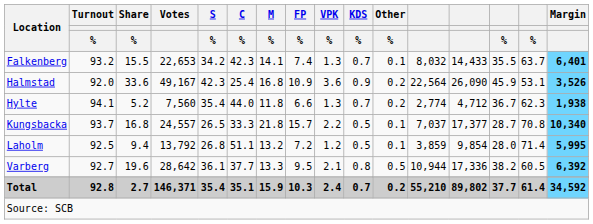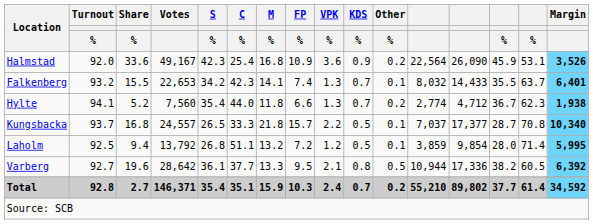 <table class="wikitable sortable" style="text-align:right; font-size:95%; line-height:20px;">
 <tr>
 <th rowspan="3">Location</th>
 <th>Turnout</th>
 <th>Share</th>
 <th>Votes</th>
 <th width="30px" class="unsortable"><a href='#'>S</a></th>
 <th width="30px" class="unsortable"><a href='#'>C</a></th>
 <th width="30px" class="unsortable"><a href='#'>M</a></th>
 <th width="30px" class="unsortable"><a href='#'>FP</a></th>
 <th width="30px" class="unsortable"><a href='#'>VPK</a></th>
 <th width="30px" class="unsortable"><a href='#'>KDS</a></th>
 <th width="30px" class="unsortable">Other</th>
 <th></th>
 <th></th>
 <th></th>
 <th></th>
 <th>Margin</th>
 </tr>
 <tr>
 <th></th>
 <th></th>
 <th></th>
 <th style="background:"></th>
 <th style="background:"></th>
 <th style="background:"></th>
 <th style="background:"></th>
 <th style="background:"></th>
 <th style="background:"></th>
 <th style="background:"></th>
 <th style="background:"></th>
 <th style="background:"></th>
 <th style="background:"></th>
 <th style="background:"></th>
 <th></th>
 </tr>
 <tr>
 <th data-sort-type="number">%</th>
 <th data-sort-type="number">%</th>
 <th></th>
 <th data-sort-type="number">%</th>
 <th data-sort-type="number">%</th>
 <th data-sort-type="number">%</th>
 <th data-sort-type="number">%</th>
 <th data-sort-type="number">%</th>
 <th data-sort-type="number">%</th>
 <th data-sort-type="number">%</th>
 <th data-sort-type="number"></th>
 <th data-sort-type="number"></th>
 <th data-sort-type="number">%</th>
 <th data-sort-type="number">%</th>
 <th data-sort-type="number"></th>
 </tr>
 <tr>
+<td align=left><a href='#'>Halmstad</a></td>
+<td>92.0</td>
+<td>33.6</td>
+<td>49,167</td>
+<td>42.3</td>
+<td>25.4</td>
+<td>16.8</td>
+<td>10.9</td>
+<td>3.6</td>
+<td>0.9</td>
+<td>0.2</td>
+<td>22,564</td>
+<td>26,090</td>
+<td>45.9</td>
+<td>53.1</td>
+<td bgcolor=#6fd5fe><strong>3,526</strong></td>
+</tr>
+<tr>
 <td align=left><a href='#'>Falkenberg</a></td>
 <td>93.2</td>
 <td>15.5</td>
 <td>22,653</td>
 <td>34.2</td>
 <td>42.3</td>
 <td>14.1</td>
 <td>7.4</td>
 <td>1.3</td>
 <td>0.7</td>
 <td>0.1</td>
 <td>8,032</td>
 <td>14,433</td>
 <td>35.5</td>
 <td>63.7</td>
 <td bgcolor=#6fd5fe><strong>6,401</strong></td>
-</tr>
-<tr>
-<td align=left><a href='#'>Halmstad</a></td>
-<td>92.0</td>
-<td>33.6</td>
-<td>49,167</td>
-<td>42.3</td>
-<td>25.4</td>
-<td>16.8</td>
-<td>10.9</td>
-<td>3.6</td>
-<td>0.9</td>
-<td>0.2</td>
-<td>22,564</td>
-<td>26,090</td>
-<td>45.9</td>
-<td>53.1</td>
-<td bgcolor=#6fd5fe><strong>3,526</strong></td>
 </tr>
 <tr>
 <td align=left><a href='#'>Hylte</a></td>
 <td>94.1</td>
 <td>5.2</td>
 <td>7,560</td>
 <td>35.4</td>
 <td>44.0</td>
 <td>11.8</td>
 <td>6.6</td>
 <td>1.3</td>
 <td>0.7</td>
 <td>0.2</td>
 <td>2,774</td>
 <td>4,712</td>
 <td>36.7</td>
 <td>62.3</td>
 <td bgcolor=#6fd5fe><strong>1,938</strong></td>
 </tr>
 <tr>
 <td align=left><a href='#'>Kungsbacka</a></td>
 <td>93.7</td>
 <td>16.8</td>
 <td>24,557</td>
 <td>26.5</td>
 <td>33.3</td>
 <td>21.8</td>
 <td>15.7</td>
 <td>2.2</td>
 <td>0.5</td>
 <td>0.1</td>
 <td>7,037</td>
 <td>17,377</td>
 <td>28.7</td>
 <td>70.8</td>
 <td bgcolor=#6fd5fe><strong>10,340</strong></td>
 </tr>
 <tr>
 <td align=left><a href='#'>Laholm</a></td>
 <td>92.5</td>
 <td>9.4</td>
 <td>13,792</td>
 <td>26.8</td>
 <td>51.1</td>
 <td>13.2</td>
 <td>7.2</td>
 <td>1.2</td>
 <td>0.5</td>
 <td>0.1</td>
 <td>3,859</td>
 <td>9,854</td>
 <td>28.0</td>
 <td>71.4</td>
 <td bgcolor=#6fd5fe><strong>5,995</strong></td>
 </tr>
 <tr>
 <td align=left><a href='#'>Varberg</a></td>
 <td>92.7</td>
 <td>19.6</td>
 <td>28,642</td>
 <td>36.1</td>
 <td>37.7</td>
 <td>13.3</td>
 <td>9.5</td>
 <td>2.1</td>
 <td>0.8</td>
 <td>0.5</td>
 <td>10,944</td>
 <td>17,336</td>
 <td>38.2</td>
 <td>60.5</td>
 <td bgcolor=#6fd5fe><strong>6,392</strong></td>
 </tr>
 <tr>
 </tr>
 <tr style="background:#CDCDCD;">
 <td align=left><strong>Total</strong></td>
 <td><strong>92.8</strong></td>
 <td><strong>2.7</strong></td>
 <td><strong>146,371</strong></td>
 <td><strong>35.4</strong></td>
 <td><strong>35.1</strong></td>
 <td><strong>15.9</strong></td>
 <td><strong>10.3</strong></td>
 <td><strong>2.4</strong></td>
 <td><strong>0.7</strong></td>
 <td><strong>0.2</strong></td>
 <td><strong>55,210</strong></td>
 <td><strong>89,802</strong></td>
 <td><strong>37.7</strong></td>
 <td><strong>61.4</strong></td>
 <td bgcolor=#6fd5fe><strong>34,592</strong></td>
 </tr>
 <tr>
 <td align=left colspan=16>Source: SCB </td>
 </tr>
 </table>
